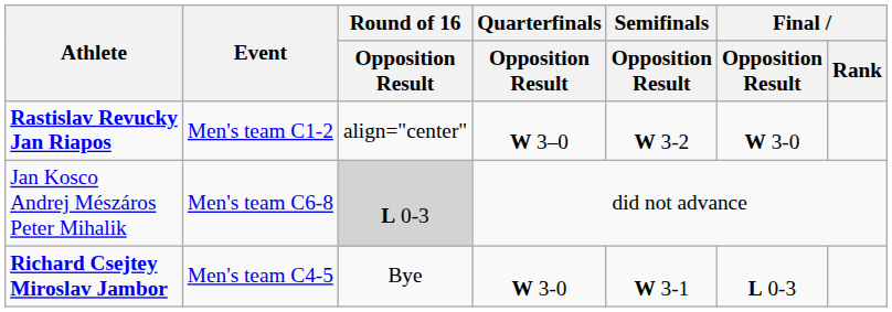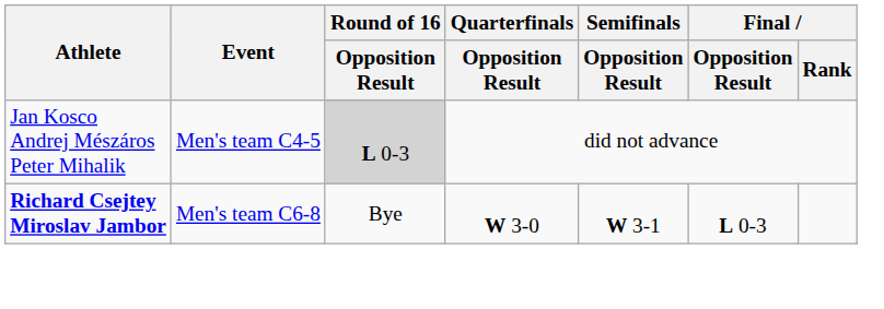 <table class=wikitable style="font-size:90%">
 <tr>
 <th rowspan="2">Athlete</th>
 <th rowspan="2">Event</th>
 <th>Round of 16</th>
 <th>Quarterfinals</th>
 <th>Semifinals</th>
 <th colspan="2">Final / </th>
 </tr>
 <tr>
 <th>Opposition<br>Result</th>
 <th>Opposition<br>Result</th>
 <th>Opposition<br>Result</th>
 <th>Opposition<br>Result</th>
 <th>Rank</th>
 </tr>
 <tr>
-<td><strong><a href='#'>Rastislav Revucky</a></strong><br> <strong><a href='#'>Jan Riapos</a></strong></td>
-<td><a href='#'>Men's team C1-2</a></td>
-<td>align="center" </td>
-<td align="center"><br><strong>W</strong> 3–0</td>
-<td align="center"><br><strong>W</strong> 3-2</td>
-<td align="center"><br><strong>W</strong> 3-0</td>
-<td align="center"></td>
-</tr>
-<tr>
 <td><a href='#'>Jan Kosco</a><br> <a href='#'>Andrej Mészáros</a><br> <a href='#'>Peter Mihalik</a></td>
-<td><a href='#'>Men's team C6-8</a></td>
+<td><a href='#'>Men's team C4-5</a></td>
 <td align="center" style="background: lightgrey;"><br><strong>L</strong> 0-3</td>
 <td align="center" colspan="4">did not advance</td>
 </tr>
 <tr>
 <td><strong><a href='#'>Richard Csejtey</a></strong><br> <strong><a href='#'>Miroslav Jambor</a></strong></td>
-<td><a href='#'>Men's team C4-5</a></td>
+<td><a href='#'>Men's team C6-8</a></td>
 <td align="center">Bye</td>
 <td align="center"><br><strong>W</strong> 3-0</td>
 <td align="center"><br><strong>W</strong> 3-1</td>
 <td align="center"><br><strong>L</strong> 0-3</td>
 <td align="center"></td>
 </tr>
 </table>
